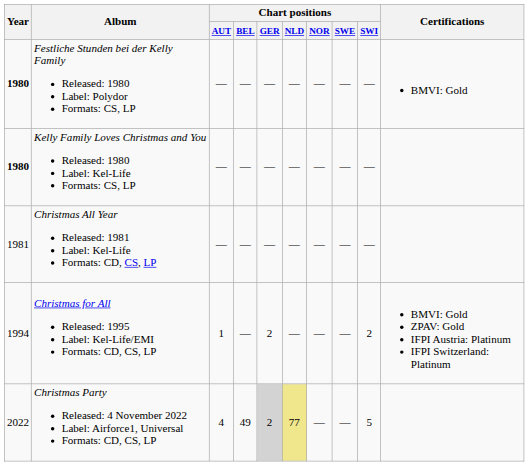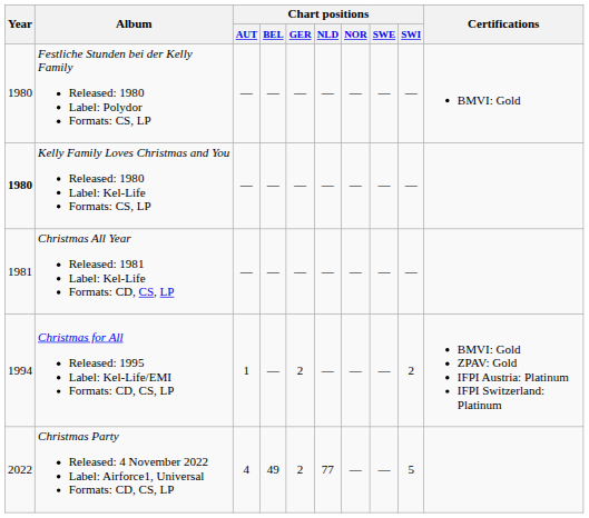 <table class="wikitable">
 <tr>
 <th width="20" rowspan="2">Year</th>
 <th width="250" rowspan="2">Album</th>
 <th colspan="7">Chart positions</th>
 <th width="200" rowspan="2">Certifications</th>
 </tr>
 <tr>
 <th width="25"><small><a href='#'>AUT</a></small><br></th>
 <th width="25"><small><a href='#'>BEL</a></small><br></th>
 <th width="25"><small><a href='#'>GER</a></small><br></th>
 <th width="25"><small><a href='#'>NLD</a></small><br></th>
 <th width="25"><small><a href='#'>NOR</a></small></th>
 <th width="25"><small><a href='#'>SWE</a></small></th>
 <th width="25"><small><a href='#'>SWI</a></small><br></th>
 </tr>
 <tr>
-<td><strong>1980</strong></td>
+<td>1980</td>
 <td><em>Festliche Stunden bei der Kelly Family</em><br><ul><li>Released: 1980</li><li>Label: Polydor</li><li>Formats: CS, LP</li></ul></td>
 <td align="center">—</td>
 <td align="center">—</td>
 <td align="center">—</td>
 <td align="center">—</td>
 <td align="center">—</td>
 <td align="center">—</td>
 <td align="center">—</td>
 <td><br><ul><li>BMVI: Gold</li></ul></td>
 </tr>
 <tr>
 <td><strong>1980</strong></td>
 <td><em>Kelly Family Loves Christmas and You</em><br><ul><li>Released: 1980</li><li>Label: Kel-Life</li><li>Formats: CS, LP</li></ul></td>
 <td align="center">—</td>
 <td align="center">—</td>
 <td align="center">—</td>
 <td align="center">—</td>
 <td align="center">—</td>
 <td align="center">—</td>
 <td align="center">—</td>
 <td></td>
 </tr>
 <tr>
 <td>1981</td>
 <td><em>Christmas All Year</em><br><ul><li>Released: 1981</li><li>Label: Kel-Life</li><li>Formats: CD, <a href='#'>CS</a>, <a href='#'>LP</a></li></ul></td>
 <td align="center">—</td>
 <td align="center">—</td>
 <td align="center">—</td>
 <td align="center">—</td>
 <td align="center">—</td>
 <td align="center">—</td>
 <td align="center">—</td>
 <td></td>
 </tr>
 <tr>
 <td>1994</td>
 <td><em><a href='#'>Christmas for All</a></em><br><ul><li>Released: 1995</li><li>Label: Kel-Life/EMI</li><li>Formats: CD, CS, LP</li></ul></td>
 <td align="center">1</td>
 <td align="center">—</td>
 <td align="center">2</td>
 <td align="center">—</td>
 <td align="center">—</td>
 <td align="center">—</td>
 <td align="center">2</td>
 <td><br><ul><li>BMVI: Gold</li><li>ZPAV: Gold</li><li>IFPI Austria: Platinum</li><li>IFPI Switzerland: Platinum</li></ul></td>
 </tr>
 <tr>
 <td>2022</td>
 <td><em>Christmas Party</em><br><ul><li>Released: 4 November 2022</li><li>Label: Airforce1, Universal</li><li>Formats: CD, CS, LP</li></ul></td>
 <td align="center">4</td>
 <td align="center">49</td>
-<td align="center" style="background: lightgrey;">2</td>
-<td align="center" style="background: khaki;">77</td>
+<td align="center">2</td>
+<td align="center">77</td>
 <td align="center">—</td>
 <td align="center">—</td>
 <td align="center">5</td>
 <td></td>
 </tr>
 </table>
